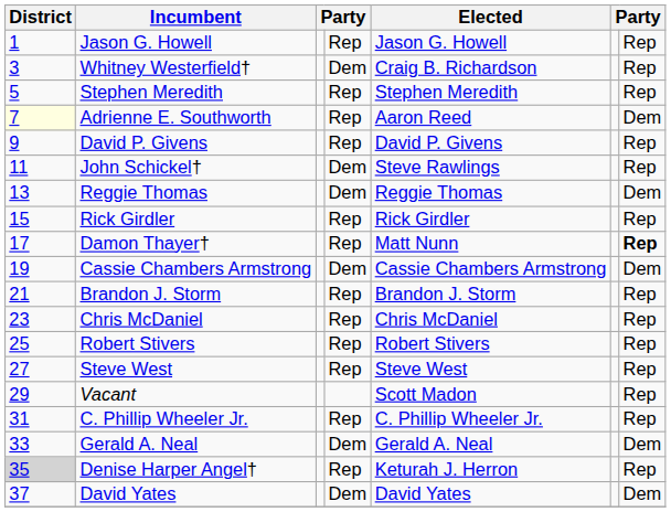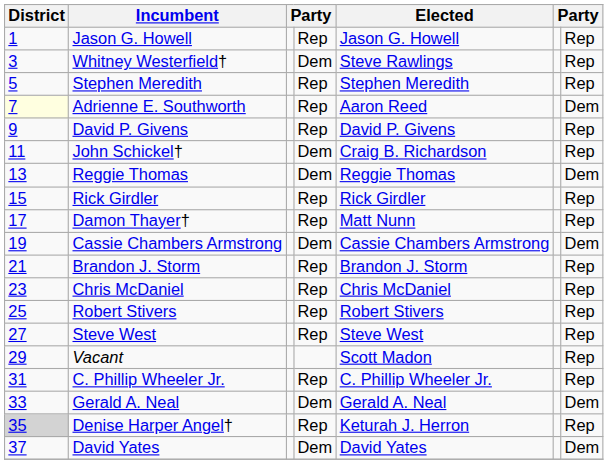 <table class="sortable wikitable" style="font-size:95%;line-height:14px;">
 <tr>
 <th class="unsortable">District</th>
 <th class="unsortable"><a href='#'>Incumbent</a></th>
 <th colspan="2">Party</th>
 <th class="unsortable">Elected</th>
 <th colspan="2">Party</th>
 </tr>
 <tr>
 <td><a href='#'>1</a></td>
 <td><a href='#'>Jason G. Howell</a></td>
 <td style="background:"></td>
 <td>Rep</td>
 <td><a href='#'>Jason G. Howell</a></td>
 <td style="background:"></td>
 <td>Rep</td>
 </tr>
 <tr>
 <td><a href='#'>3</a></td>
 <td><a href='#'>Whitney Westerfield</a>†</td>
 <td style="background:"></td>
 <td>Dem</td>
-<td><a href='#'>Craig B. Richardson</a></td>
+<td><a href='#'>Steve Rawlings</a></td>
 <td style="background:"></td>
 <td>Rep</td>
 </tr>
 <tr>
 <td><a href='#'>5</a></td>
 <td><a href='#'>Stephen Meredith</a></td>
 <td style="background:"></td>
 <td>Rep</td>
 <td><a href='#'>Stephen Meredith</a></td>
 <td style="background:"></td>
 <td>Rep</td>
 </tr>
 <tr>
 <td style="background: lightyellow;"><a href='#'>7</a></td>
 <td><a href='#'>Adrienne E. Southworth</a></td>
 <td style="background:"></td>
 <td>Rep</td>
 <td><a href='#'>Aaron Reed</a></td>
 <td style="background:"></td>
 <td>Dem</td>
 </tr>
 <tr>
 <td><a href='#'>9</a></td>
 <td><a href='#'>David P. Givens</a></td>
 <td style="background:"></td>
 <td>Rep</td>
 <td><a href='#'>David P. Givens</a></td>
 <td style="background:"></td>
 <td>Rep</td>
 </tr>
 <tr>
 <td><a href='#'>11</a></td>
 <td><a href='#'>John Schickel</a>†</td>
 <td style="background:"></td>
 <td>Dem</td>
-<td><a href='#'>Steve Rawlings</a></td>
+<td><a href='#'>Craig B. Richardson</a></td>
 <td style="background:"></td>
 <td>Rep</td>
 </tr>
 <tr>
 <td><a href='#'>13</a></td>
 <td><a href='#'>Reggie Thomas</a></td>
 <td style="background:"></td>
 <td>Dem</td>
 <td><a href='#'>Reggie Thomas</a></td>
 <td style="background:"></td>
 <td>Dem</td>
 </tr>
 <tr>
 <td><a href='#'>15</a></td>
 <td><a href='#'>Rick Girdler</a></td>
 <td style="background:"></td>
 <td>Rep</td>
 <td><a href='#'>Rick Girdler</a></td>
 <td style="background:"></td>
 <td>Rep</td>
 </tr>
 <tr>
 <td><a href='#'>17</a></td>
 <td><a href='#'>Damon Thayer</a>†</td>
 <td style="background:"></td>
 <td>Rep</td>
 <td><a href='#'>Matt Nunn</a></td>
 <td style="background:"></td>
-<td><strong>Rep</strong></td>
+<td>Rep</td>
 </tr>
 <tr>
 <td><a href='#'>19</a></td>
 <td><a href='#'>Cassie Chambers Armstrong</a></td>
 <td style="background:"></td>
 <td>Dem</td>
 <td><a href='#'>Cassie Chambers Armstrong</a></td>
 <td style="background:"></td>
 <td>Dem</td>
 </tr>
 <tr>
 <td><a href='#'>21</a></td>
 <td><a href='#'>Brandon J. Storm</a></td>
 <td style="background:"></td>
 <td>Rep</td>
 <td><a href='#'>Brandon J. Storm</a></td>
 <td style="background:"></td>
 <td>Rep</td>
 </tr>
 <tr>
 <td><a href='#'>23</a></td>
 <td><a href='#'>Chris McDaniel</a></td>
 <td style="background:"></td>
 <td>Rep</td>
 <td><a href='#'>Chris McDaniel</a></td>
 <td style="background:"></td>
 <td>Rep</td>
 </tr>
 <tr>
 <td><a href='#'>25</a></td>
 <td><a href='#'>Robert Stivers</a></td>
 <td style="background:"></td>
 <td>Rep</td>
 <td><a href='#'>Robert Stivers</a></td>
 <td style="background:"></td>
 <td>Rep</td>
 </tr>
 <tr>
 <td><a href='#'>27</a></td>
 <td><a href='#'>Steve West</a></td>
 <td style="background:"></td>
 <td>Rep</td>
 <td><a href='#'>Steve West</a></td>
 <td style="background:"></td>
 <td>Rep</td>
 </tr>
 <tr>
 <td><a href='#'>29</a></td>
 <td><em>Vacant</em></td>
 <td></td>
 <td></td>
 <td><a href='#'>Scott Madon</a></td>
 <td style="background:"></td>
 <td>Rep</td>
 </tr>
 <tr>
 <td><a href='#'>31</a></td>
 <td><a href='#'>C. Phillip Wheeler Jr.</a></td>
 <td style="background:"></td>
 <td>Rep</td>
 <td><a href='#'>C. Phillip Wheeler Jr.</a></td>
 <td style="background:"></td>
 <td>Rep</td>
 </tr>
 <tr>
 <td><a href='#'>33</a></td>
 <td><a href='#'>Gerald A. Neal</a></td>
 <td style="background:"></td>
 <td>Dem</td>
 <td><a href='#'>Gerald A. Neal</a></td>
 <td style="background:"></td>
 <td>Dem</td>
 </tr>
 <tr>
 <td style="background: lightgrey;"><a href='#'>35</a></td>
 <td><a href='#'>Denise Harper Angel</a>†</td>
 <td style="background:"></td>
 <td>Rep</td>
 <td><a href='#'>Keturah J. Herron</a></td>
 <td style="background:"></td>
 <td>Rep</td>
 </tr>
 <tr>
 <td><a href='#'>37</a></td>
 <td><a href='#'>David Yates</a></td>
 <td style="background:"></td>
 <td>Dem</td>
 <td><a href='#'>David Yates</a></td>
 <td style="background:"></td>
 <td>Dem</td>
 </tr>
 <tr>
 </tr>
 </table>
